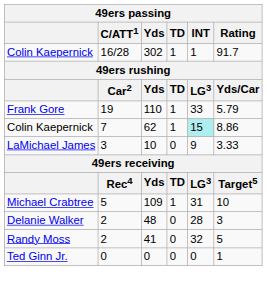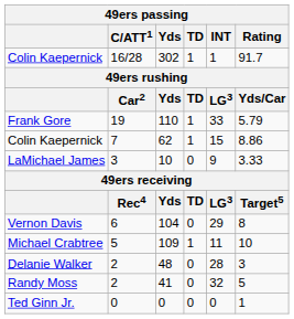 <table class="wikitable">
 <tr>
 <th colspan="6">49ers passing</th>
 </tr>
 <tr>
 <th></th>
 <th>C/ATT<sup>1</sup></th>
 <th>Yds</th>
 <th>TD</th>
 <th>INT</th>
 <th>Rating</th>
 </tr>
 <tr>
 <td><a href='#'>Colin Kaepernick</a></td>
 <td>16/28</td>
 <td>302</td>
 <td>1</td>
 <td>1</td>
 <td>91.7</td>
 </tr>
 <tr>
 <th colspan="6">49ers rushing</th>
 </tr>
 <tr>
 <th></th>
 <th>Car<sup>2</sup></th>
 <th>Yds</th>
 <th>TD</th>
 <th>LG<sup>3</sup></th>
 <th>Yds/Car</th>
 </tr>
 <tr>
 <td><a href='#'>Frank Gore</a></td>
 <td>19</td>
 <td>110</td>
 <td>1</td>
 <td>33</td>
 <td>5.79</td>
 </tr>
 <tr>
 <td>Colin Kaepernick</td>
 <td>7</td>
 <td>62</td>
 <td>1</td>
-<td style="background: paleturquoise;">15</td>
+<td>15</td>
 <td>8.86</td>
 </tr>
 <tr>
 <td><a href='#'>LaMichael James</a></td>
 <td>3</td>
 <td>10</td>
 <td>0</td>
 <td>9</td>
 <td>3.33</td>
 </tr>
 <tr>
 <th colspan="6">49ers receiving</th>
 </tr>
 <tr>
 <th></th>
 <th>Rec<sup>4</sup></th>
 <th>Yds</th>
 <th>TD</th>
 <th>LG<sup>3</sup></th>
 <th>Target<sup>5</sup></th>
 </tr>
 <tr>
+<td><a href='#'>Vernon Davis</a></td>
+<td>6</td>
+<td>104</td>
+<td>0</td>
+<td>29</td>
+<td>8</td>
+</tr>
+<tr>
 <td><a href='#'>Michael Crabtree</a></td>
 <td>5</td>
 <td>109</td>
 <td>1</td>
-<td>31</td>
+<td>11</td>
 <td>10</td>
 </tr>
 <tr>
 <td><a href='#'>Delanie Walker</a></td>
 <td>2</td>
 <td>48</td>
 <td>0</td>
 <td>28</td>
 <td>3</td>
 </tr>
 <tr>
 <td><a href='#'>Randy Moss</a></td>
 <td>2</td>
 <td>41</td>
 <td>0</td>
 <td>32</td>
 <td>5</td>
 </tr>
 <tr>
 <td><a href='#'>Ted Ginn Jr.</a></td>
 <td>0</td>
 <td>0</td>
 <td>0</td>
 <td>0</td>
 <td>1</td>
 </tr>
 </table>
